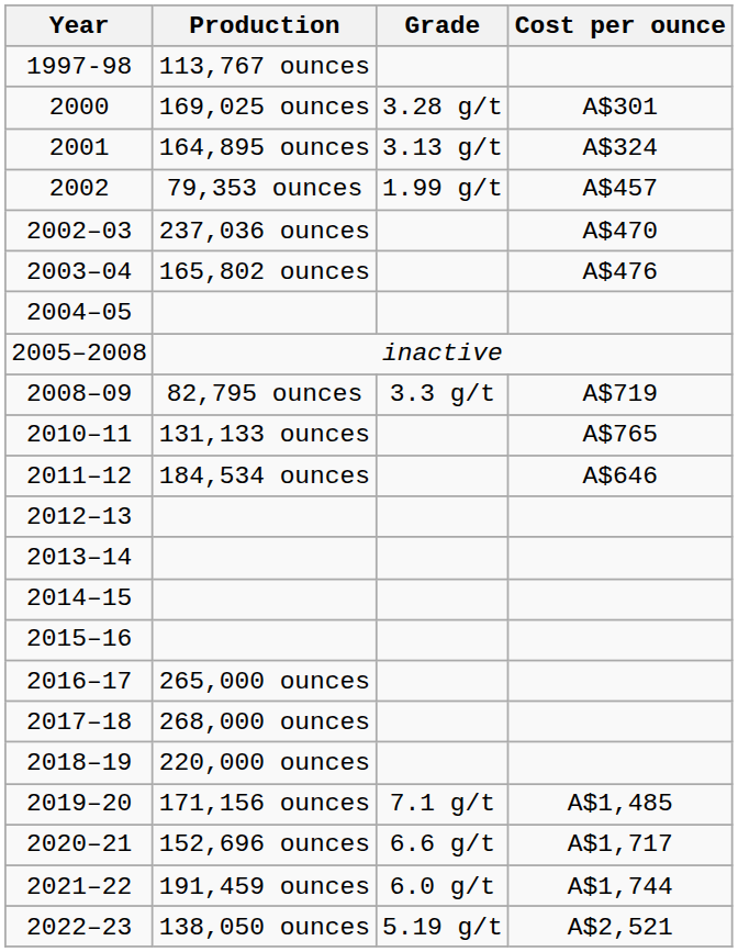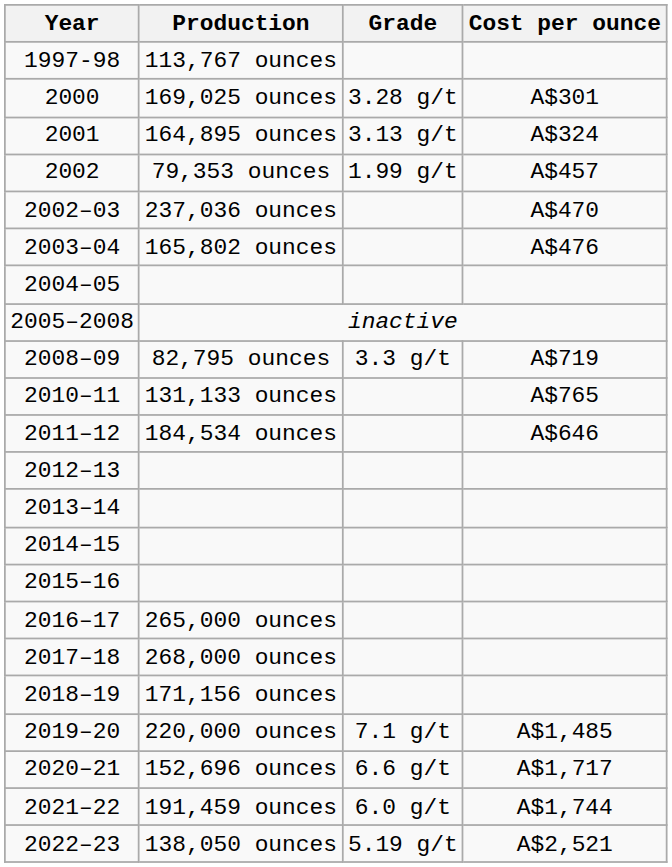 <table class="wikitable">
 <tr style="text-align:center;">
 <th>Year</th>
 <th>Production</th>
 <th>Grade</th>
 <th>Cost per ounce</th>
 </tr>
 <tr style="text-align:center;">
 <td>1997-98</td>
 <td>113,767 ounces</td>
 <td></td>
 <td></td>
 </tr>
 <tr style="text-align:center;">
 <td>2000</td>
 <td>169,025 ounces</td>
 <td>3.28 g/t</td>
 <td>A$301</td>
 </tr>
 <tr style="text-align:center;">
 <td>2001</td>
 <td>164,895 ounces</td>
 <td>3.13 g/t</td>
 <td>A$324</td>
 </tr>
 <tr style="text-align:center;">
 <td>2002 </td>
 <td>79,353 ounces</td>
 <td>1.99 g/t</td>
 <td>A$457</td>
 </tr>
 <tr style="text-align:center;">
 <td>2002–03 </td>
 <td>237,036 ounces</td>
 <td></td>
 <td>A$470</td>
 </tr>
 <tr style="text-align:center;">
 <td>2003–04 </td>
 <td>165,802 ounces</td>
 <td></td>
 <td>A$476</td>
 </tr>
 <tr style="text-align:center;">
 <td>2004–05</td>
 <td></td>
 <td></td>
 <td></td>
 </tr>
 <tr style="text-align:center;">
 <td>2005–2008</td>
 <td colspan=3><em>inactive</em></td>
 </tr>
 <tr style="text-align:center;">
 <td>2008–09</td>
 <td>82,795 ounces</td>
 <td>3.3 g/t</td>
 <td>A$719</td>
 </tr>
 <tr style="text-align:center;">
 <td>2010–11 </td>
 <td>131,133 ounces</td>
 <td></td>
 <td>A$765</td>
 </tr>
 <tr style="text-align:center;">
 <td>2011–12 </td>
 <td>184,534 ounces</td>
 <td></td>
 <td>A$646</td>
 </tr>
 <tr style="text-align:center;">
 <td>2012–13</td>
 <td></td>
 <td></td>
 <td></td>
 </tr>
 <tr style="text-align:center;">
 <td>2013–14</td>
 <td></td>
 <td></td>
 <td></td>
 </tr>
 <tr style="text-align:center;">
 <td>2014–15</td>
 <td></td>
 <td></td>
 <td></td>
 </tr>
 <tr style="text-align:center;">
 <td>2015–16</td>
 <td></td>
 <td></td>
 <td></td>
 </tr>
 <tr style="text-align:center;">
 <td>2016–17</td>
 <td>265,000 ounces</td>
 <td></td>
 <td></td>
 </tr>
 <tr style="text-align:center;">
 <td>2017–18</td>
 <td>268,000 ounces</td>
 <td></td>
 <td></td>
 </tr>
 <tr style="text-align:center;">
 <td>2018–19</td>
-<td>220,000 ounces</td>
+<td>171,156 ounces</td>
 <td></td>
 <td></td>
 </tr>
 <tr style="text-align:center;">
 <td>2019–20</td>
-<td>171,156 ounces</td>
+<td>220,000 ounces</td>
 <td>7.1 g/t</td>
 <td>A$1,485</td>
 </tr>
 <tr style="text-align:center;">
 <td>2020–21</td>
 <td>152,696 ounces</td>
 <td>6.6 g/t</td>
 <td>A$1,717</td>
 </tr>
 <tr style="text-align:center;">
 <td>2021–22</td>
 <td>191,459 ounces</td>
 <td>6.0 g/t</td>
 <td>A$1,744</td>
 </tr>
 <tr style="text-align:center;">
 <td>2022–23</td>
 <td>138,050 ounces</td>
 <td>5.19 g/t</td>
 <td>A$2,521</td>
 </tr>
 </table>
